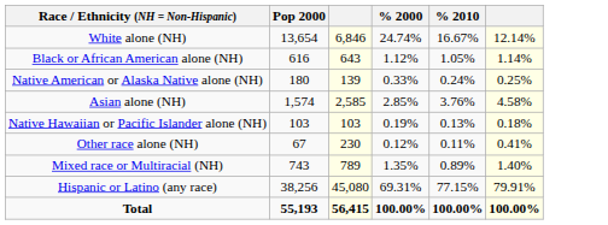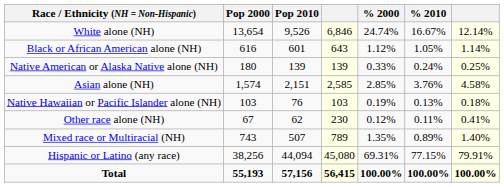 <table class="wikitable" style="text-align:center;">
 <tr>
 <th>Race / Ethnicity <small>(<em>NH = Non-Hispanic</em>)</small></th>
 <th>Pop 2000</th>
+<th>Pop 2010</th>
 <th></th>
 <th>% 2000</th>
 <th>% 2010</th>
 <th></th>
 </tr>
 <tr>
 <td><a href='#'>White</a> alone (NH)</td>
 <td>13,654</td>
+<td>9,526</td>
 <td style='background: #ffffe6;'>6,846</td>
 <td>24.74%</td>
 <td>16.67%</td>
 <td style='background: #ffffe6;'>12.14%</td>
 </tr>
 <tr>
 <td><a href='#'>Black or African American</a> alone (NH)</td>
 <td>616</td>
+<td>601</td>
 <td style='background: #ffffe6;'>643</td>
 <td>1.12%</td>
 <td>1.05%</td>
 <td style='background: #ffffe6;'>1.14%</td>
 </tr>
 <tr>
 <td><a href='#'>Native American</a> or <a href='#'>Alaska Native</a> alone (NH)</td>
 <td>180</td>
+<td>139</td>
 <td style='background: #ffffe6;'>139</td>
 <td>0.33%</td>
 <td>0.24%</td>
 <td style='background: #ffffe6;'>0.25%</td>
 </tr>
 <tr>
 <td><a href='#'>Asian</a> alone (NH)</td>
 <td>1,574</td>
+<td>2,151</td>
 <td style='background: #ffffe6;'>2,585</td>
 <td>2.85%</td>
 <td>3.76%</td>
 <td style='background: #ffffe6;'>4.58%</td>
 </tr>
 <tr>
 <td><a href='#'>Native Hawaiian</a> or <a href='#'>Pacific Islander</a> alone (NH)</td>
 <td>103</td>
+<td>76</td>
 <td style='background: #ffffe6;'>103</td>
 <td>0.19%</td>
 <td>0.13%</td>
 <td style='background: #ffffe6;'>0.18%</td>
 </tr>
 <tr>
 <td><a href='#'>Other race</a> alone (NH)</td>
 <td>67</td>
+<td>62</td>
 <td style='background: #ffffe6;'>230</td>
 <td>0.12%</td>
 <td>0.11%</td>
 <td style='background: #ffffe6;'>0.41%</td>
 </tr>
 <tr>
 <td><a href='#'>Mixed race or Multiracial</a> (NH)</td>
 <td>743</td>
+<td>507</td>
 <td style='background: #ffffe6;'>789</td>
 <td>1.35%</td>
 <td>0.89%</td>
 <td style='background: #ffffe6;'>1.40%</td>
 </tr>
 <tr>
 <td><a href='#'>Hispanic or Latino</a> (any race)</td>
 <td>38,256</td>
+<td>44,094</td>
 <td style='background: #ffffe6;'>45,080</td>
 <td>69.31%</td>
 <td>77.15%</td>
 <td style='background: #ffffe6;'>79.91%</td>
 </tr>
 <tr>
 <td><strong>Total</strong></td>
 <td><strong>55,193</strong></td>
+<td><strong>57,156</strong></td>
 <td style='background: #ffffe6;'><strong>56,415</strong></td>
 <td><strong>100.00%</strong></td>
 <td><strong>100.00%</strong></td>
 <td style='background: #ffffe6;'><strong>100.00%</strong></td>
 </tr>
 </table>
